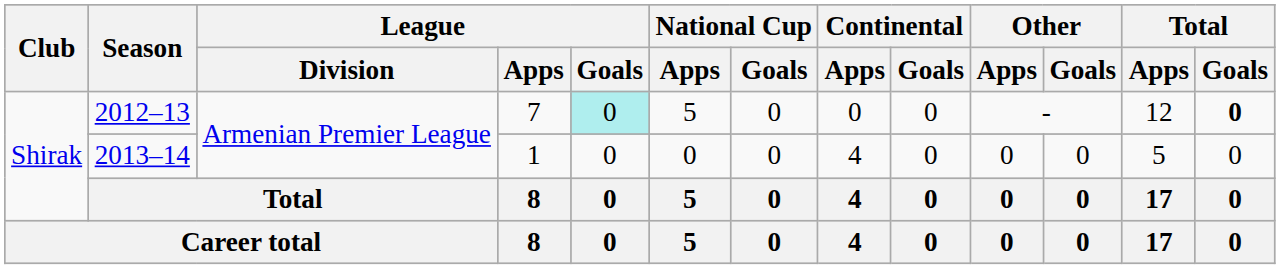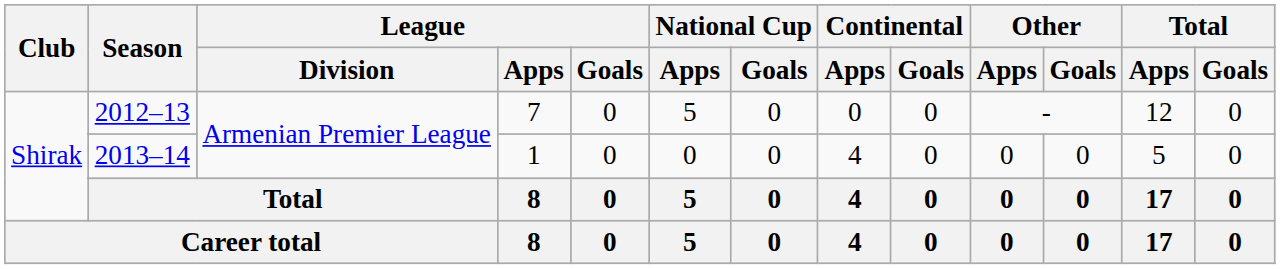 <table class="wikitable" style="text-align:center">
 <tr>
 <th rowspan="2">Club</th>
 <th rowspan="2">Season</th>
 <th colspan="3">League</th>
 <th colspan="2">National Cup</th>
 <th colspan="2">Continental</th>
 <th colspan="2">Other</th>
 <th colspan="2">Total</th>
 </tr>
 <tr>
 <th>Division</th>
 <th>Apps</th>
 <th>Goals</th>
 <th>Apps</th>
 <th>Goals</th>
 <th>Apps</th>
 <th>Goals</th>
 <th>Apps</th>
 <th>Goals</th>
 <th>Apps</th>
 <th>Goals</th>
 </tr>
 <tr>
 <td rowspan="3"><a href='#'>Shirak</a></td>
 <td><a href='#'>2012–13</a></td>
 <td rowspan="2"><a href='#'>Armenian Premier League</a></td>
 <td>7</td>
-<td style="background: paleturquoise;">0</td>
+<td>0</td>
 <td>5</td>
 <td>0</td>
 <td>0</td>
 <td>0</td>
 <td colspan="2">-</td>
 <td>12</td>
-<td><strong>0</strong></td>
+<td>0</td>
 </tr>
 <tr>
 <td><a href='#'>2013–14</a></td>
 <td>1</td>
 <td>0</td>
 <td>0</td>
 <td>0</td>
 <td>4</td>
 <td>0</td>
 <td>0</td>
 <td>0</td>
 <td>5</td>
 <td>0</td>
 </tr>
 <tr>
 <th colspan="2">Total</th>
 <th>8</th>
 <th>0</th>
 <th>5</th>
 <th>0</th>
 <th>4</th>
 <th>0</th>
 <th>0</th>
 <th>0</th>
 <th>17</th>
 <th>0</th>
 </tr>
 <tr>
 <th colspan="3">Career total</th>
 <th>8</th>
 <th>0</th>
 <th>5</th>
 <th>0</th>
 <th>4</th>
 <th>0</th>
 <th>0</th>
 <th>0</th>
 <th>17</th>
 <th>0</th>
 </tr>
 </table>
